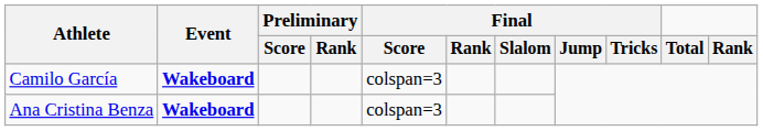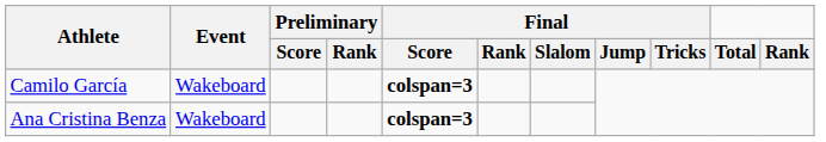 <table class=wikitable style=font-size:90%;text-align:center>
 <tr>
 <th rowspan=2>Athlete</th>
 <th rowspan=2>Event</th>
 <th colspan=2>Preliminary</th>
 <th colspan=5>Final</th>
 </tr>
 <tr style=font-size:95%>
 <th>Score</th>
 <th>Rank</th>
 <th>Score</th>
 <th>Rank</th>
 <th>Slalom</th>
 <th>Jump</th>
 <th>Tricks</th>
 <th>Total</th>
 <th>Rank</th>
 </tr>
 <tr>
 <td align=left><a href='#'>Camilo García</a></td>
-<td align=left><strong><a href='#'>Wakeboard</a></strong></td>
+<td align=left><a href='#'>Wakeboard</a></td>
 <td></td>
 <td></td>
-<td>colspan=3 </td>
+<td><strong>colspan=3 </strong></td>
 <td></td>
 <td></td>
 </tr>
 <tr>
 <td align=left><a href='#'>Ana Cristina Benza</a></td>
-<td align=left><strong><a href='#'>Wakeboard</a></strong></td>
+<td align=left><a href='#'>Wakeboard</a></td>
 <td></td>
 <td></td>
-<td>colspan=3 </td>
+<td><strong>colspan=3 </strong></td>
 <td></td>
 <td></td>
 </tr>
 </table>
